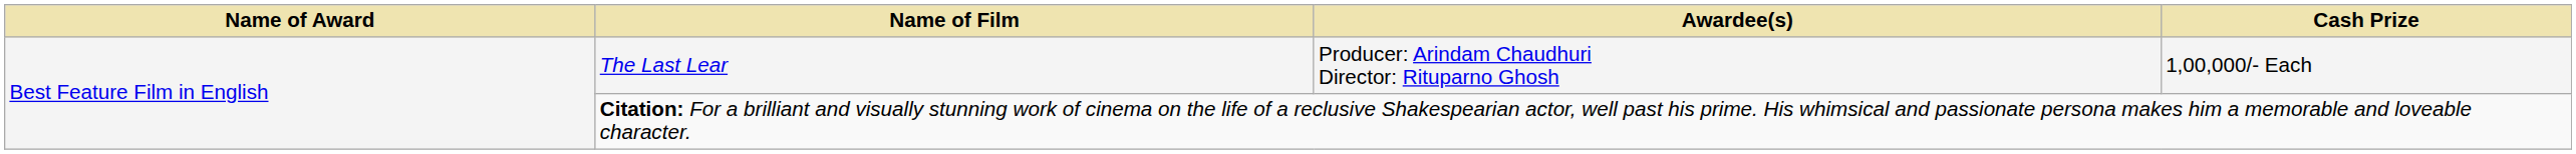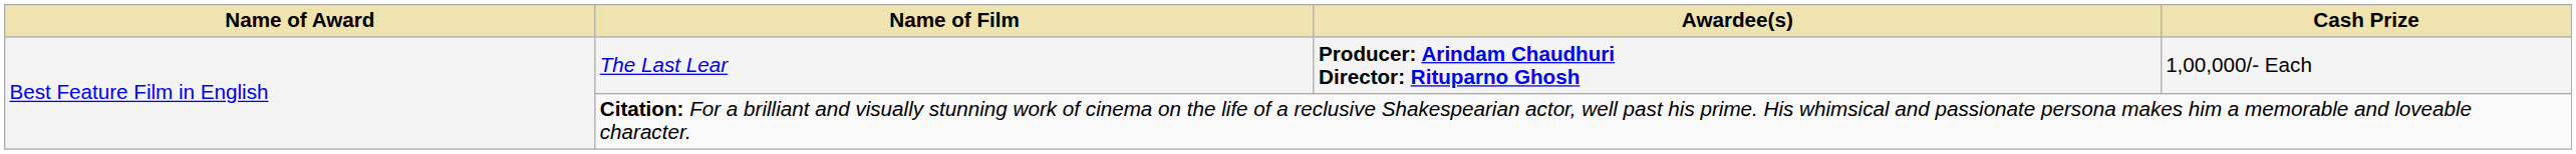 <table class="wikitable" style="width:100%">
 <tr>
 <th style="background-color:#EFE4B0;width:23%;">Name of Award</th>
 <th style="background-color:#EFE4B0;width:28%;">Name of Film</th>
 <th style="background-color:#EFE4B0;width:33%;">Awardee(s)</th>
 <th style="background-color:#EFE4B0;width:16%;">Cash Prize</th>
 </tr>
 <tr style="background:#F4F4F4">
 <td rowspan="2"><a href='#'>Best Feature Film in English</a></td>
 <td><em><a href='#'>The Last Lear</a></em></td>
-<td>Producer: <a href='#'>Arindam Chaudhuri</a><br>Director: <a href='#'>Rituparno Ghosh</a></td>
+<td><strong>Producer: <a href='#'>Arindam Chaudhuri</a><br>Director: <a href='#'>Rituparno Ghosh</a></strong></td>
 <td> 1,00,000/- Each</td>
 </tr>
 <tr style="background:#F9F9F9">
 <td colspan="3"><strong>Citation:</strong> <em>For a brilliant and visually stunning work of cinema on the life of a reclusive Shakespearian actor, well past his prime. His whimsical and passionate persona makes him a memorable and loveable character.</em></td>
 </tr>
 </table>
